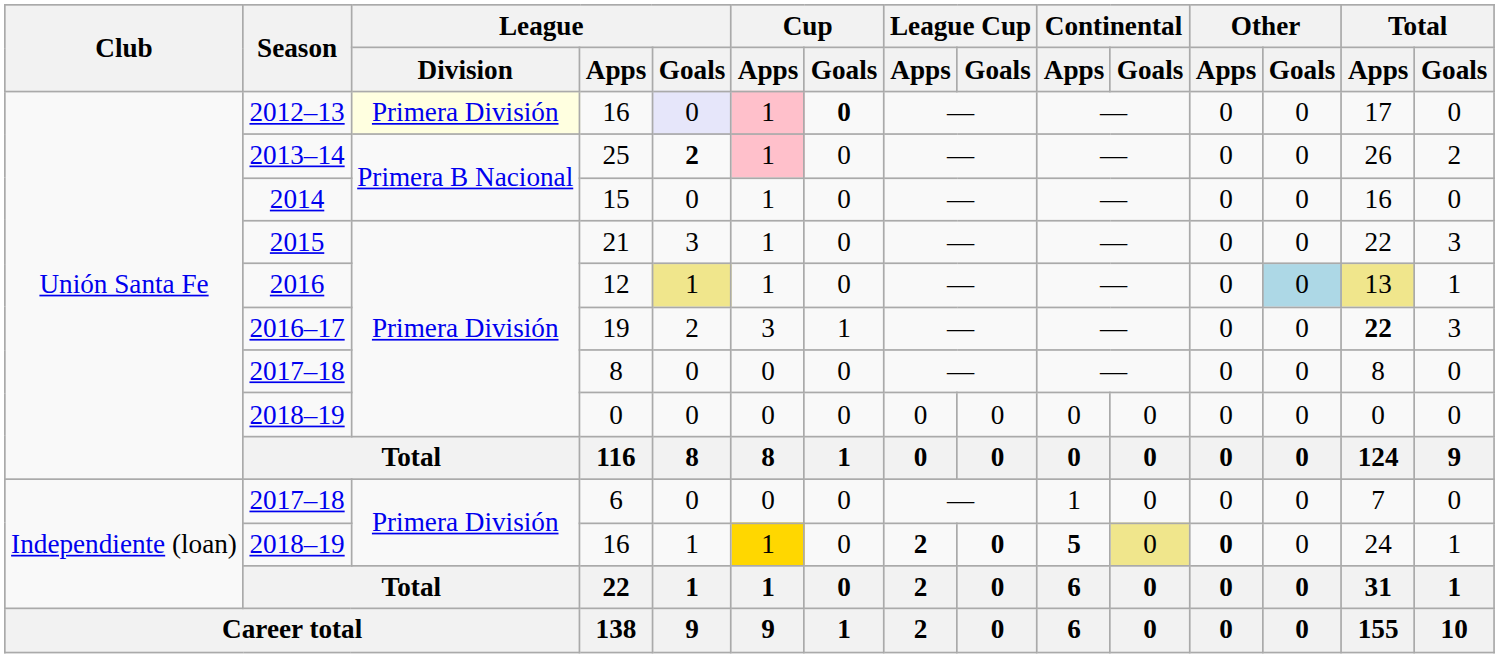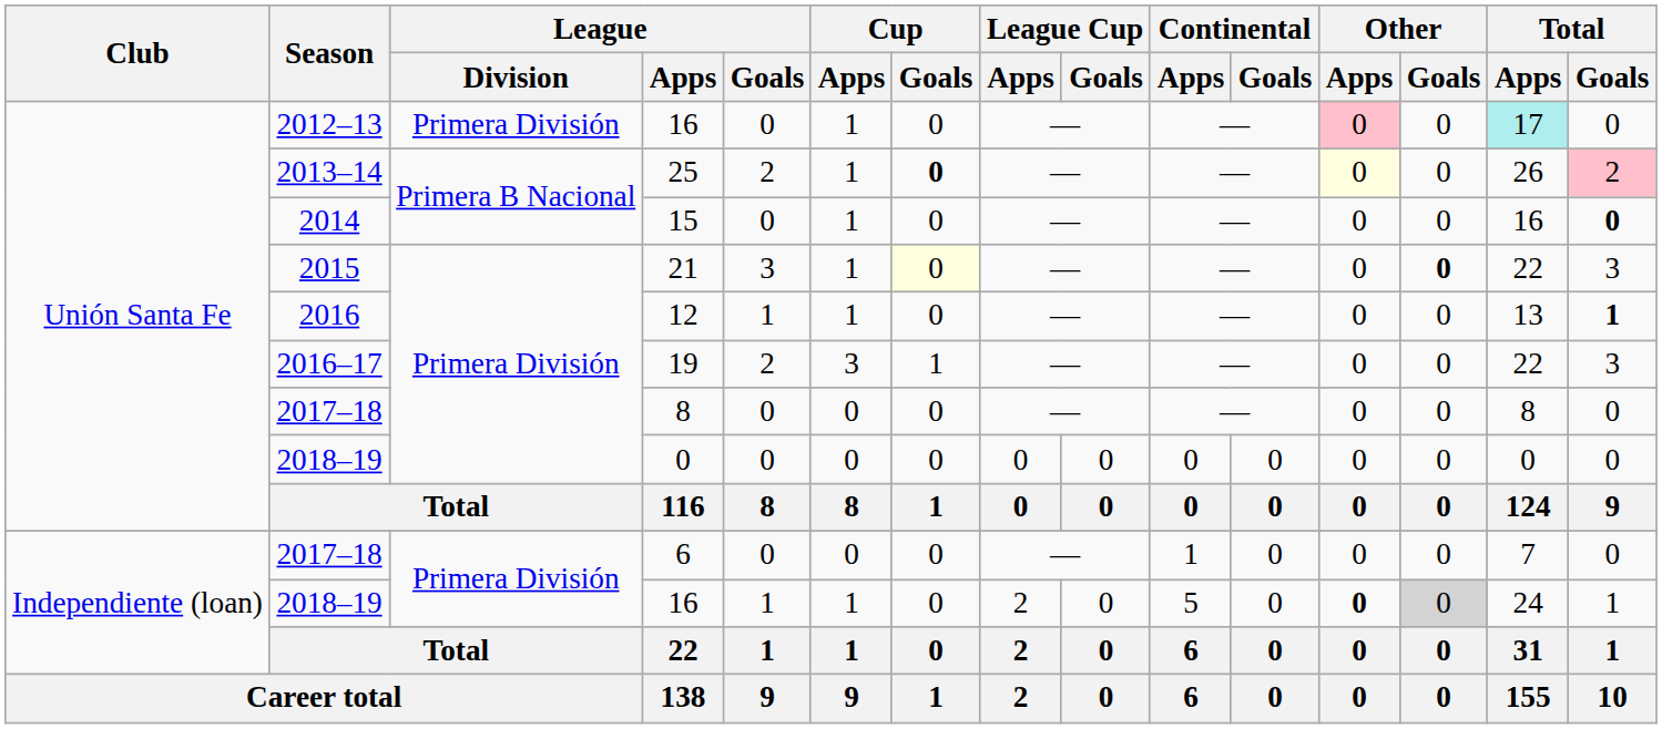 <table class="wikitable" style="text-align:center">
 <tr>
 <th rowspan="2">Club</th>
 <th rowspan="2">Season</th>
 <th colspan="3">League</th>
 <th colspan="2">Cup</th>
 <th colspan="2">League Cup</th>
 <th colspan="2">Continental</th>
 <th colspan="2">Other</th>
 <th colspan="2">Total</th>
 </tr>
 <tr>
 <th>Division</th>
 <th>Apps</th>
 <th>Goals</th>
 <th>Apps</th>
 <th>Goals</th>
 <th>Apps</th>
 <th>Goals</th>
 <th>Apps</th>
 <th>Goals</th>
 <th>Apps</th>
 <th>Goals</th>
 <th>Apps</th>
 <th>Goals</th>
 </tr>
 <tr>
 <td rowspan="9"><a href='#'>Unión Santa Fe</a></td>
 <td><a href='#'>2012–13</a></td>
-<td rowspan="1" style="background: lightyellow;"><a href='#'>Primera División</a></td>
+<td rowspan="1"><a href='#'>Primera División</a></td>
 <td>16</td>
-<td style="background: lavender;">0</td>
-<td style="background: pink;">1</td>
-<td><strong>0</strong></td>
+<td>0</td>
+<td>1</td>
+<td>0</td>
 <td colspan="2">—</td>
 <td colspan="2">—</td>
+<td style="background: pink;">0</td>
 <td>0</td>
-<td>0</td>
-<td>17</td>
+<td style="background: paleturquoise;">17</td>
 <td>0</td>
 </tr>
 <tr>
 <td><a href='#'>2013–14</a></td>
 <td rowspan="2"><a href='#'>Primera B Nacional</a></td>
 <td>25</td>
-<td><strong>2</strong></td>
-<td style="background: pink;">1</td>
-<td>0</td>
+<td>2</td>
+<td>1</td>
+<td><strong>0</strong></td>
 <td colspan="2">—</td>
 <td colspan="2">—</td>
-<td>0</td>
+<td style="background: lightyellow;">0</td>
 <td>0</td>
 <td>26</td>
-<td>2</td>
+<td style="background: pink;">2</td>
 </tr>
 <tr>
 <td><a href='#'>2014</a></td>
 <td>15</td>
 <td>0</td>
 <td>1</td>
 <td>0</td>
 <td colspan="2">—</td>
 <td colspan="2">—</td>
 <td>0</td>
 <td>0</td>
 <td>16</td>
-<td>0</td>
+<td><strong>0</strong></td>
 </tr>
 <tr>
 <td><a href='#'>2015</a></td>
 <td rowspan="5"><a href='#'>Primera División</a></td>
 <td>21</td>
 <td>3</td>
 <td>1</td>
-<td>0</td>
+<td style="background: lightyellow;">0</td>
 <td colspan="2">—</td>
 <td colspan="2">—</td>
 <td>0</td>
-<td>0</td>
+<td><strong>0</strong></td>
 <td>22</td>
 <td>3</td>
 </tr>
 <tr>
 <td><a href='#'>2016</a></td>
 <td>12</td>
-<td style="background: khaki;">1</td>
+<td>1</td>
 <td>1</td>
 <td>0</td>
 <td colspan="2">—</td>
 <td colspan="2">—</td>
 <td>0</td>
-<td style="background: lightblue;">0</td>
-<td style="background: khaki;">13</td>
-<td>1</td>
+<td>0</td>
+<td>13</td>
+<td><strong>1</strong></td>
 </tr>
 <tr>
 <td><a href='#'>2016–17</a></td>
 <td>19</td>
 <td>2</td>
 <td>3</td>
 <td>1</td>
 <td colspan="2">—</td>
 <td colspan="2">—</td>
 <td>0</td>
 <td>0</td>
-<td><strong>22</strong></td>
+<td>22</td>
 <td>3</td>
 </tr>
 <tr>
 <td><a href='#'>2017–18</a></td>
 <td>8</td>
 <td>0</td>
 <td>0</td>
 <td>0</td>
 <td colspan="2">—</td>
 <td colspan="2">—</td>
 <td>0</td>
 <td>0</td>
 <td>8</td>
 <td>0</td>
 </tr>
 <tr>
 <td><a href='#'>2018–19</a></td>
 <td>0</td>
 <td>0</td>
 <td>0</td>
 <td>0</td>
 <td>0</td>
 <td>0</td>
 <td>0</td>
 <td>0</td>
 <td>0</td>
 <td>0</td>
 <td>0</td>
 <td>0</td>
 </tr>
 <tr>
 <th colspan="2">Total</th>
 <th>116</th>
 <th>8</th>
 <th>8</th>
 <th>1</th>
 <th>0</th>
 <th>0</th>
 <th>0</th>
 <th>0</th>
 <th>0</th>
 <th>0</th>
 <th>124</th>
 <th>9</th>
 </tr>
 <tr>
 <td rowspan="3"><a href='#'>Independiente</a> (loan)</td>
 <td><a href='#'>2017–18</a></td>
 <td rowspan="2"><a href='#'>Primera División</a></td>
 <td>6</td>
 <td>0</td>
 <td>0</td>
 <td>0</td>
 <td colspan="2">—</td>
 <td>1</td>
 <td>0</td>
 <td>0</td>
 <td>0</td>
 <td>7</td>
 <td>0</td>
 </tr>
 <tr>
 <td><a href='#'>2018–19</a></td>
 <td>16</td>
 <td>1</td>
-<td style="background: gold;">1</td>
+<td>1</td>
 <td>0</td>
-<td><strong>2</strong></td>
+<td>2</td>
+<td>0</td>
+<td>5</td>
+<td>0</td>
 <td><strong>0</strong></td>
-<td><strong>5</strong></td>
-<td style="background: khaki;">0</td>
-<td><strong>0</strong></td>
-<td>0</td>
+<td style="background: lightgrey;">0</td>
 <td>24</td>
 <td>1</td>
 </tr>
 <tr>
 <th colspan="2">Total</th>
 <th>22</th>
 <th>1</th>
 <th>1</th>
 <th>0</th>
 <th>2</th>
 <th>0</th>
 <th>6</th>
 <th>0</th>
 <th>0</th>
 <th>0</th>
 <th>31</th>
 <th>1</th>
 </tr>
 <tr>
 <th colspan="3">Career total</th>
 <th>138</th>
 <th>9</th>
 <th>9</th>
 <th>1</th>
 <th>2</th>
 <th>0</th>
 <th>6</th>
 <th>0</th>
 <th>0</th>
 <th>0</th>
 <th>155</th>
 <th>10</th>
 </tr>
 </table>
